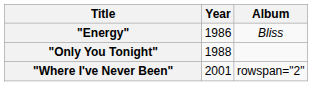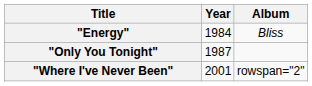 <table class="wikitable plainrowheaders" style="text-align:center;">
 <tr>
 <th scope="col" style="width:16em;">Title</th>
 <th scope="col">Year</th>
 <th scope="col">Album</th>
 </tr>
 <tr>
 <th scope="row">"Energy"</th>
-<td>1986</td>
+<td>1984</td>
 <td><em>Bliss</em></td>
 </tr>
 <tr>
 <th scope="row">"Only You Tonight"</th>
-<td>1988</td>
+<td>1987</td>
 </tr>
 <tr>
 <th scope="row">"Where I've Never Been"</th>
 <td>2001</td>
 <td>rowspan="2" </td>
 </tr>
 </table>
